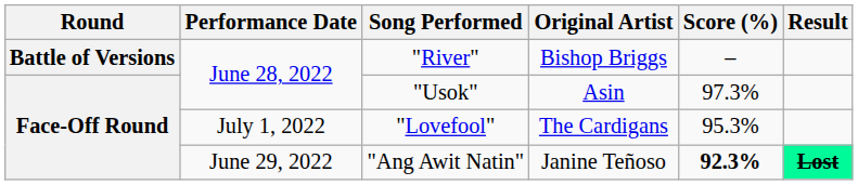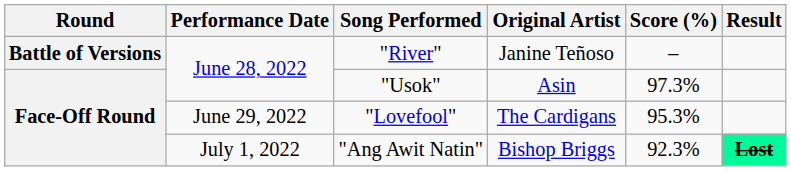 <table class="wikitable sortable" style="margin:1em auto; text-align:center;">
 <tr>
 <th>Round</th>
 <th>Performance Date</th>
 <th>Song Performed</th>
 <th>Original Artist</th>
 <th>Score (%)</th>
 <th>Result</th>
 </tr>
 <tr>
 <th>Battle of Versions</th>
 <td rowspan="2"><a href='#'>June 28, 2022</a></td>
 <td>"<a href='#'>River</a>"</td>
-<td><a href='#'>Bishop Briggs</a></td>
+<td>Janine Teñoso</td>
 <td>–</td>
 <td></td>
 </tr>
 <tr>
 <th rowspan="3">Face-Off Round</th>
 <td>"Usok"</td>
 <td><a href='#'>Asin</a></td>
 <td>97.3%</td>
 <td></td>
 </tr>
 <tr>
-<td>July 1, 2022</td>
+<td>June 29, 2022</td>
 <td>"<a href='#'>Lovefool</a>"</td>
 <td><a href='#'>The Cardigans</a></td>
 <td>95.3%</td>
 <td></td>
 </tr>
 <tr>
-<td>June 29, 2022</td>
+<td>July 1, 2022</td>
 <td>"Ang Awit Natin"</td>
-<td>Janine Teñoso</td>
-<td><strong>92.3%</strong></td>
+<td><a href='#'>Bishop Briggs</a></td>
+<td>92.3%</td>
 <td style="background:#00FA9A;"><strong><s>Lost</s></strong></td>
 </tr>
 </table>
